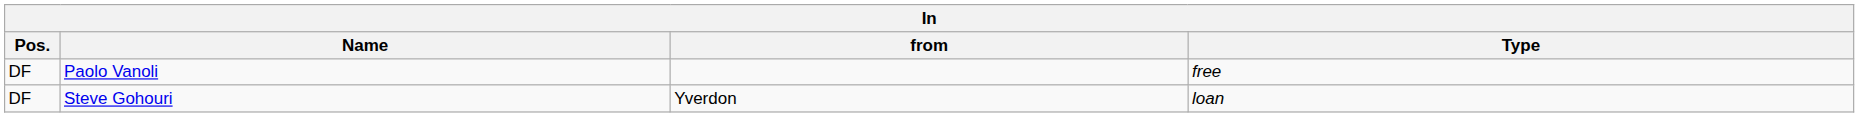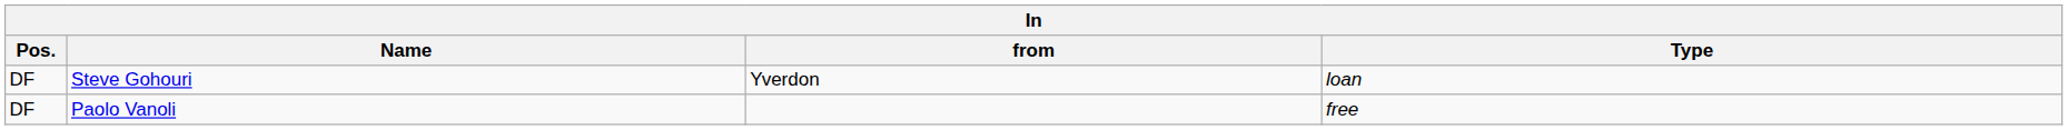 <table class="wikitable" style="font-size:90%;width:99%;">
 <tr>
 <th colspan="4">In</th>
 </tr>
 <tr>
 <th width=3%>Pos.</th>
 <th width=33%>Name</th>
 <th width=28%>from</th>
 <th width=36%>Type</th>
 </tr>
 <tr>
 <td>DF</td>
+<td><a href='#'>Steve Gohouri</a></td>
+<td>Yverdon</td>
+<td><em>loan</em></td>
+</tr>
+<tr>
+<td>DF</td>
 <td><a href='#'>Paolo Vanoli</a></td>
 <td></td>
 <td><em>free</em></td>
 </tr>
-<tr>
-<td>DF</td>
-<td><a href='#'>Steve Gohouri</a></td>
-<td>Yverdon</td>
-<td><em>loan</em></td>
-</tr>
 </table>
